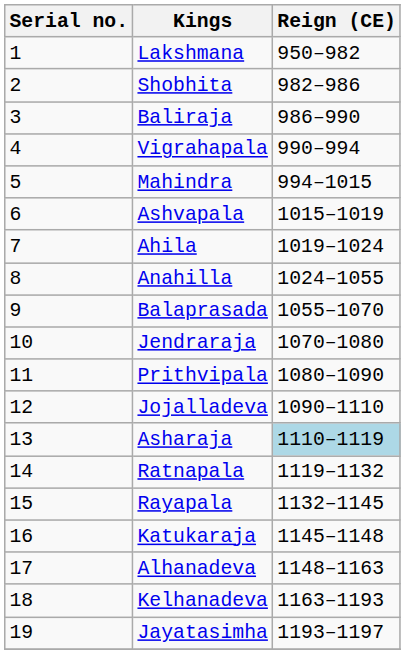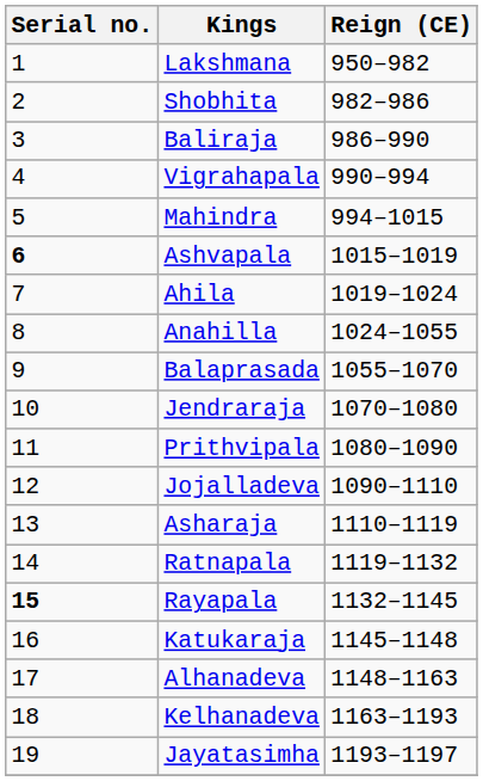 <table class="wikitable">
 <tr>
 <th>Serial no.</th>
 <th>Kings</th>
 <th>Reign (CE)</th>
 </tr>
 <tr>
 <td>1</td>
 <td><a href='#'>Lakshmana</a></td>
 <td>950–982</td>
 </tr>
 <tr>
 <td>2</td>
 <td><a href='#'>Shobhita</a></td>
 <td>982–986</td>
 </tr>
 <tr>
 <td>3</td>
 <td><a href='#'>Baliraja</a></td>
 <td>986–990</td>
 </tr>
 <tr>
 <td>4</td>
 <td><a href='#'>Vigrahapala</a></td>
 <td>990–994</td>
 </tr>
 <tr>
 <td>5</td>
 <td><a href='#'>Mahindra</a></td>
 <td>994–1015</td>
 </tr>
 <tr>
-<td>6</td>
+<td><strong>6</strong></td>
 <td><a href='#'>Ashvapala</a></td>
 <td>1015–1019</td>
 </tr>
 <tr>
 <td>7</td>
 <td><a href='#'>Ahila</a></td>
 <td>1019–1024</td>
 </tr>
 <tr>
 <td>8</td>
 <td><a href='#'>Anahilla</a></td>
 <td>1024–1055</td>
 </tr>
 <tr>
 <td>9</td>
 <td><a href='#'>Balaprasada</a></td>
 <td>1055–1070</td>
 </tr>
 <tr>
 <td>10</td>
 <td><a href='#'>Jendraraja</a></td>
 <td>1070–1080</td>
 </tr>
 <tr>
 <td>11</td>
 <td><a href='#'>Prithvipala</a></td>
 <td>1080–1090</td>
 </tr>
 <tr>
 <td>12</td>
 <td><a href='#'>Jojalladeva</a></td>
 <td>1090–1110</td>
 </tr>
 <tr>
 <td>13</td>
 <td><a href='#'>Asharaja</a></td>
-<td style="background: lightblue;">1110–1119</td>
+<td>1110–1119</td>
 </tr>
 <tr>
 <td>14</td>
 <td><a href='#'>Ratnapala</a></td>
 <td>1119–1132</td>
 </tr>
 <tr>
-<td>15</td>
+<td><strong>15</strong></td>
 <td><a href='#'>Rayapala</a></td>
 <td>1132–1145</td>
 </tr>
 <tr>
 <td>16</td>
 <td><a href='#'>Katukaraja</a></td>
 <td>1145–1148</td>
 </tr>
 <tr>
 <td>17</td>
 <td><a href='#'>Alhanadeva</a></td>
 <td>1148–1163</td>
 </tr>
 <tr>
 <td>18</td>
 <td><a href='#'>Kelhanadeva</a></td>
 <td>1163–1193</td>
 </tr>
 <tr>
 <td>19</td>
 <td><a href='#'>Jayatasimha</a></td>
 <td>1193–1197</td>
 </tr>
 <tr>
 </tr>
 </table>
